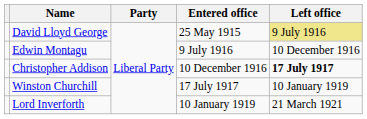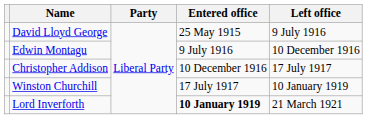 <table class="wikitable" style="text-align:left">
 <tr>
 <th></th>
 <th>Name</th>
 <th>Party</th>
 <th>Entered office</th>
 <th>Left office</th>
 </tr>
 <tr>
 <td></td>
 <td><a href='#'>David Lloyd George</a></td>
 <td rowspan="5"><a href='#'>Liberal Party</a></td>
 <td>25 May 1915</td>
-<td style="background: khaki;">9 July 1916</td>
+<td>9 July 1916</td>
 </tr>
 <tr>
 <td></td>
 <td><a href='#'>Edwin Montagu</a></td>
 <td>9 July 1916</td>
 <td>10 December 1916</td>
 </tr>
 <tr>
 <td></td>
 <td><a href='#'>Christopher Addison</a></td>
 <td>10 December 1916</td>
-<td><strong>17 July 1917</strong></td>
+<td>17 July 1917</td>
 </tr>
 <tr>
 <td></td>
 <td><a href='#'>Winston Churchill</a></td>
 <td>17 July 1917</td>
 <td>10 January 1919</td>
 </tr>
 <tr>
 <td></td>
 <td><a href='#'>Lord Inverforth</a></td>
-<td>10 January 1919</td>
+<td><strong>10 January 1919</strong></td>
 <td>21 March 1921</td>
 </tr>
 </table>
